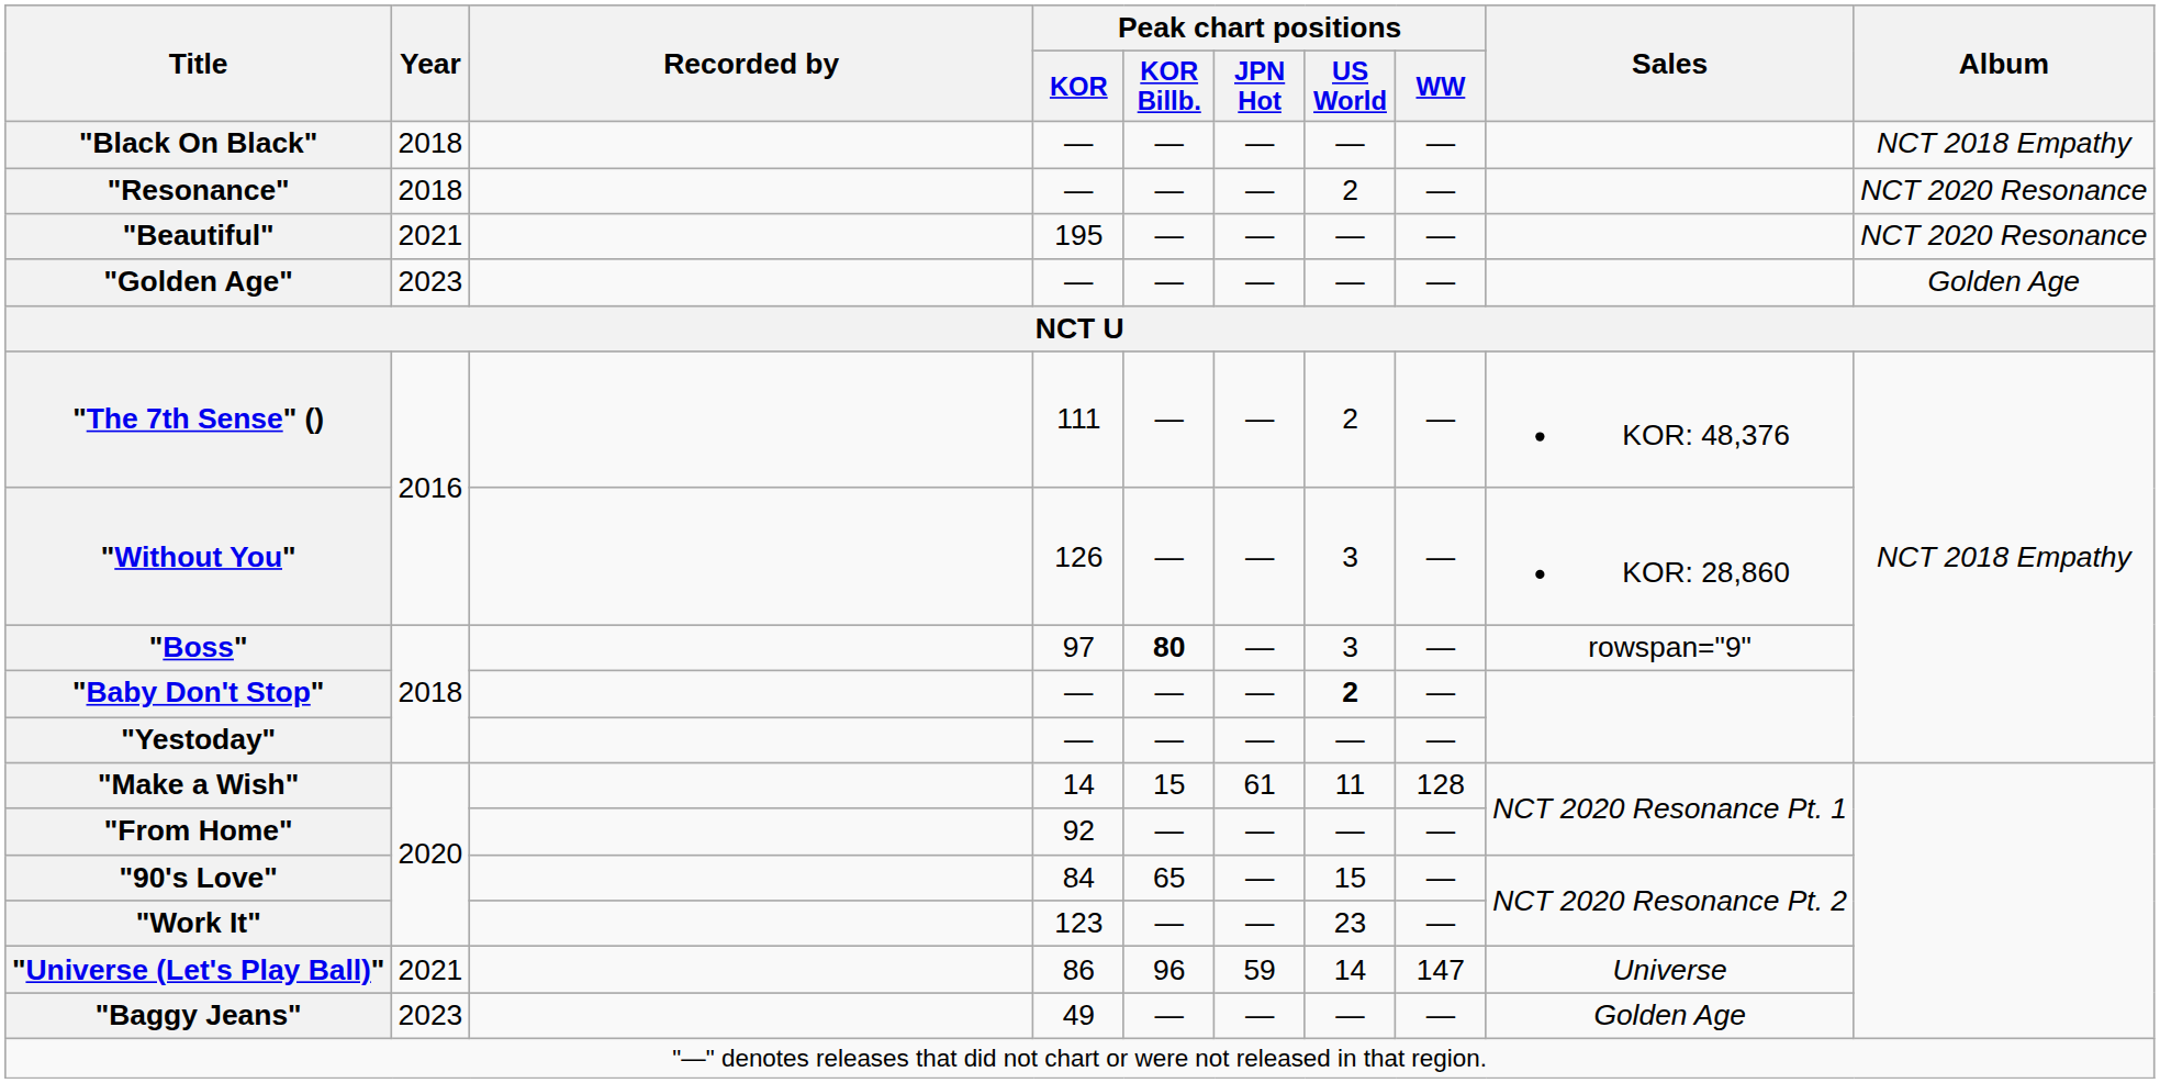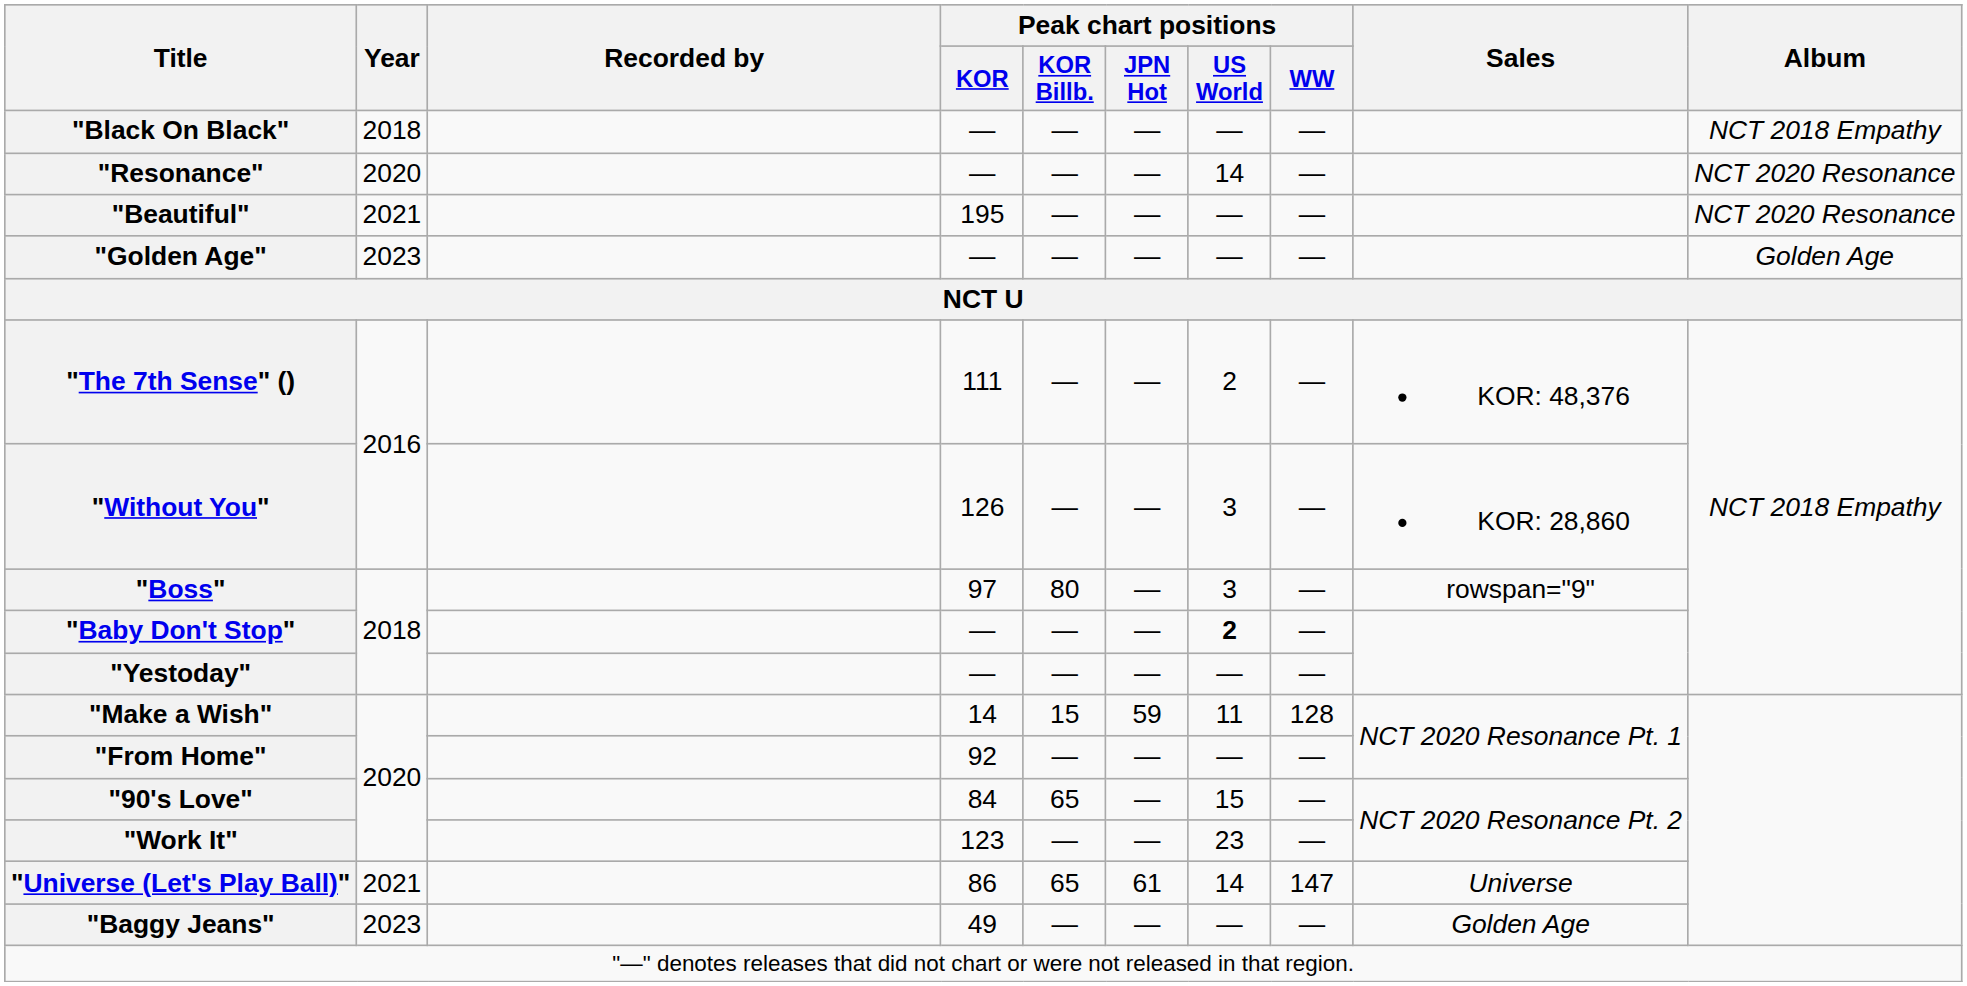 <table class="wikitable plainrowheaders" style="text-align:center;">
 <tr>
 <th scope="col" rowspan="2">Title</th>
 <th scope="col" rowspan="2">Year</th>
 <th scope="col" rowspan="2" style="width:19em;">Recorded by</th>
 <th scope="col" colspan="5">Peak chart positions</th>
 <th scope="col" rowspan="2">Sales</th>
 <th scope="col" rowspan="2">Album</th>
 </tr>
 <tr>
 <th scope="col" style="width:3em;font-size:90%;"><a href='#'>KOR</a><br></th>
 <th scope="col" style="width:3em;font-size:90%;"><a href='#'>KOR<br>Billb.</a><br></th>
 <th scope="col" style="width:3em;font-size:90%;"><a href='#'>JPN<br>Hot</a><br></th>
 <th scope="col" style="width:3em;font-size:90%;"><a href='#'>US<br>World</a><br></th>
 <th scope="col" style="width:3em;font-size:90%;"><a href='#'>WW</a><br></th>
 </tr>
 <tr>
 <th scope="row">"Black On Black"</th>
 <td>2018</td>
 <td style="text-align:left"></td>
 <td>—</td>
 <td>—</td>
 <td>—</td>
 <td>—</td>
 <td>—</td>
 <td></td>
 <td><em>NCT 2018 Empathy</em></td>
 </tr>
 <tr>
 <th scope="row">"Resonance"</th>
-<td>2018</td>
+<td>2020</td>
 <td style="text-align:left"></td>
 <td>—</td>
 <td>—</td>
 <td>—</td>
-<td>2</td>
+<td>14</td>
 <td>—</td>
 <td></td>
 <td><em>NCT 2020 Resonance</em></td>
 </tr>
 <tr>
 <th scope="row">"Beautiful"</th>
 <td>2021</td>
 <td style="text-align:left"></td>
 <td>195</td>
 <td>—</td>
 <td>—</td>
 <td>—</td>
 <td>—</td>
 <td></td>
 <td><em>NCT 2020 Resonance</em></td>
 </tr>
 <tr>
 <th scope="row">"Golden Age"</th>
 <td>2023</td>
 <td style="text-align:left"></td>
 <td>—</td>
 <td>—</td>
 <td>—</td>
 <td>—</td>
 <td>—</td>
 <td></td>
 <td><em>Golden Age</em></td>
 </tr>
 <tr>
 <th colspan="11">NCT U</th>
 </tr>
 <tr>
 <th scope="row">"<a href='#'>The 7th Sense</a>" ()</th>
 <td rowspan="2">2016</td>
 <td style="text-align:left"></td>
 <td>111</td>
 <td>—</td>
 <td>—</td>
 <td>2</td>
 <td>—</td>
 <td><br><ul><li>KOR: 48,376</li></ul></td>
 <td rowspan="5"><em>NCT 2018 Empathy</em></td>
 </tr>
 <tr>
 <th scope="row">"<a href='#'>Without You</a>"</th>
 <td style="text-align:left"></td>
 <td>126</td>
 <td>—</td>
 <td>—</td>
 <td>3</td>
 <td>—</td>
 <td><br><ul><li>KOR: 28,860</li></ul></td>
 </tr>
 <tr>
 <th scope="row">"<a href='#'>Boss</a>"</th>
 <td rowspan="3">2018</td>
 <td style="text-align:left"></td>
 <td>97</td>
-<td><strong>80</strong></td>
+<td>80</td>
 <td>—</td>
 <td>3</td>
 <td>—</td>
 <td>rowspan="9" </td>
 </tr>
 <tr>
 <th scope="row">"<a href='#'>Baby Don't Stop</a>"</th>
 <td style="text-align:left"></td>
 <td>—</td>
 <td>—</td>
 <td>—</td>
 <td><strong>2</strong></td>
 <td>—</td>
 </tr>
 <tr>
 <th scope="row">"Yestoday"</th>
 <td style="text-align:left"></td>
 <td>—</td>
 <td>—</td>
 <td>—</td>
 <td>—</td>
 <td>—</td>
 </tr>
 <tr>
 <th scope="row">"Make a Wish"</th>
 <td rowspan="4">2020</td>
 <td style="text-align:left"></td>
 <td>14</td>
 <td>15</td>
-<td>61</td>
+<td>59</td>
 <td>11</td>
 <td>128</td>
 <td rowspan="2"><em>NCT 2020 Resonance Pt. 1</em></td>
 </tr>
 <tr>
 <th scope="row">"From Home"</th>
 <td style="text-align:left"></td>
 <td>92</td>
 <td>—</td>
 <td>—</td>
 <td>—</td>
 <td>—</td>
 </tr>
 <tr>
 <th scope="row">"90's Love"</th>
 <td style="text-align:left"></td>
 <td>84</td>
 <td>65</td>
 <td>—</td>
 <td>15</td>
 <td>—</td>
 <td rowspan="2"><em>NCT 2020 Resonance Pt. 2</em></td>
 </tr>
 <tr>
 <th scope="row">"Work It"</th>
 <td style="text-align:left"></td>
 <td>123</td>
 <td>—</td>
 <td>—</td>
 <td>23</td>
 <td>—</td>
 </tr>
 <tr>
 <th scope="row">"<a href='#'>Universe (Let's Play Ball)</a>"</th>
 <td>2021</td>
 <td style="text-align:left"></td>
 <td>86</td>
-<td>96</td>
-<td>59</td>
+<td>65</td>
+<td>61</td>
 <td>14</td>
 <td>147</td>
 <td><em>Universe</em></td>
 </tr>
 <tr>
 <th scope="row">"Baggy Jeans"</th>
 <td>2023</td>
 <td style="text-align:left"></td>
 <td>49</td>
 <td>—</td>
 <td>—</td>
 <td>—</td>
 <td>—</td>
 <td><em>Golden Age</em></td>
 </tr>
 <tr>
 <td colspan="11" style="text-align:center; font-size:85%;">"—" denotes releases that did not chart or were not released in that region.</td>
 </tr>
 </table>
